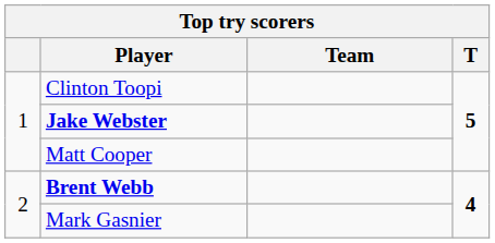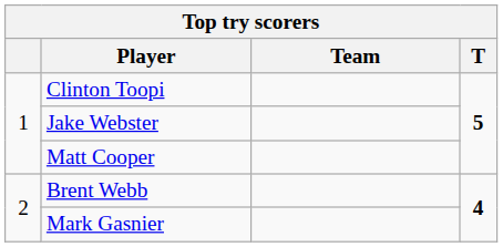 <table class="wikitable" style="text-align:center;">
 <tr>
 <th colspan="10"><strong>Top try scorers</strong></th>
 </tr>
 <tr>
 <th style="width:20px;" abbr="Position"></th>
 <th width=150>Player</th>
 <th width=150>Team</th>
 <th style="width:20px;" abbr="Tries">T</th>
 </tr>
 <tr>
 <td rowspan=3>1</td>
 <td style="text-align:left;"><a href='#'>Clinton Toopi</a></td>
 <td></td>
 <td rowspan=3><strong>5</strong></td>
 </tr>
 <tr>
-<td style="text-align:left;"><strong><a href='#'>Jake Webster</a></strong></td>
+<td style="text-align:left;"><a href='#'>Jake Webster</a></td>
 <td></td>
 </tr>
 <tr>
 <td style="text-align:left;"><a href='#'>Matt Cooper</a></td>
 <td></td>
 </tr>
 <tr>
 <td rowspan=2>2</td>
-<td style="text-align:left;"><strong><a href='#'>Brent Webb</a></strong></td>
+<td style="text-align:left;"><a href='#'>Brent Webb</a></td>
 <td></td>
 <td rowspan=2><strong>4</strong></td>
 </tr>
 <tr>
 <td style="text-align:left;"><a href='#'>Mark Gasnier</a></td>
 <td></td>
 </tr>
 </table>
